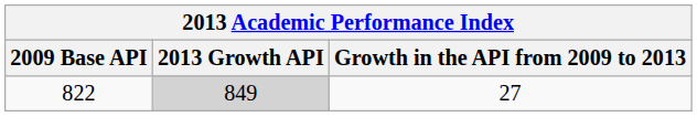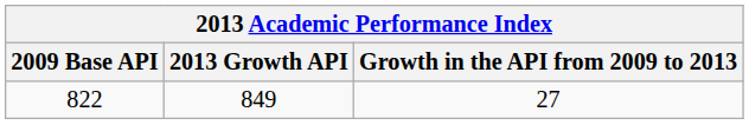 <table class="wikitable" style="text-align:center">
 <tr>
 <th colspan="3">2013 <a href='#'>Academic Performance Index</a></th>
 </tr>
 <tr>
 <th>2009 Base API </th>
 <th>2013 Growth API </th>
 <th>Growth in the API from 2009 to 2013</th>
 </tr>
 <tr>
 <td>822</td>
-<td style="background: lightgrey;">849</td>
+<td>849</td>
 <td>27</td>
 </tr>
 </table>
